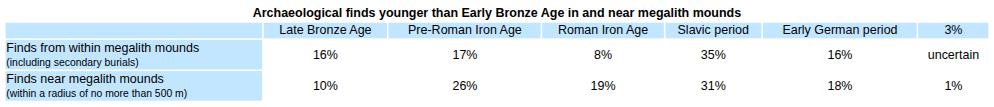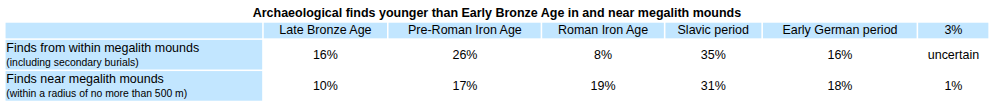 <table bgcolor="#FFFFFF" style="text-align:center; width:100%">
 <tr>
 <th colspan="7">Archaeological finds younger than Early Bronze Age in and near megalith mounds</th>
 </tr>
 <tr bgcolor="#C2E6FF">
 <td></td>
 <td>Late Bronze Age</td>
 <td>Pre-Roman Iron Age</td>
 <td>Roman Iron Age</td>
 <td>Slavic period</td>
 <td>Early German period</td>
 <td>3%</td>
 </tr>
 <tr>
 <td style="text-align:left; background:#c2e6ff">Finds from within megalith mounds<br><small>(including secondary burials)</small></td>
 <td>16%</td>
-<td>17%</td>
+<td>26%</td>
 <td>8%</td>
 <td>35%</td>
 <td>16%</td>
 <td>uncertain</td>
 </tr>
 <tr>
 <td style="text-align:left; background:#c2e6ff">Finds near megalith mounds<br><small>(within a radius of no more than 500 m)</small></td>
 <td>10%</td>
-<td>26%</td>
+<td>17%</td>
 <td>19%</td>
 <td>31%</td>
 <td>18%</td>
 <td>1%</td>
 </tr>
 </table>
